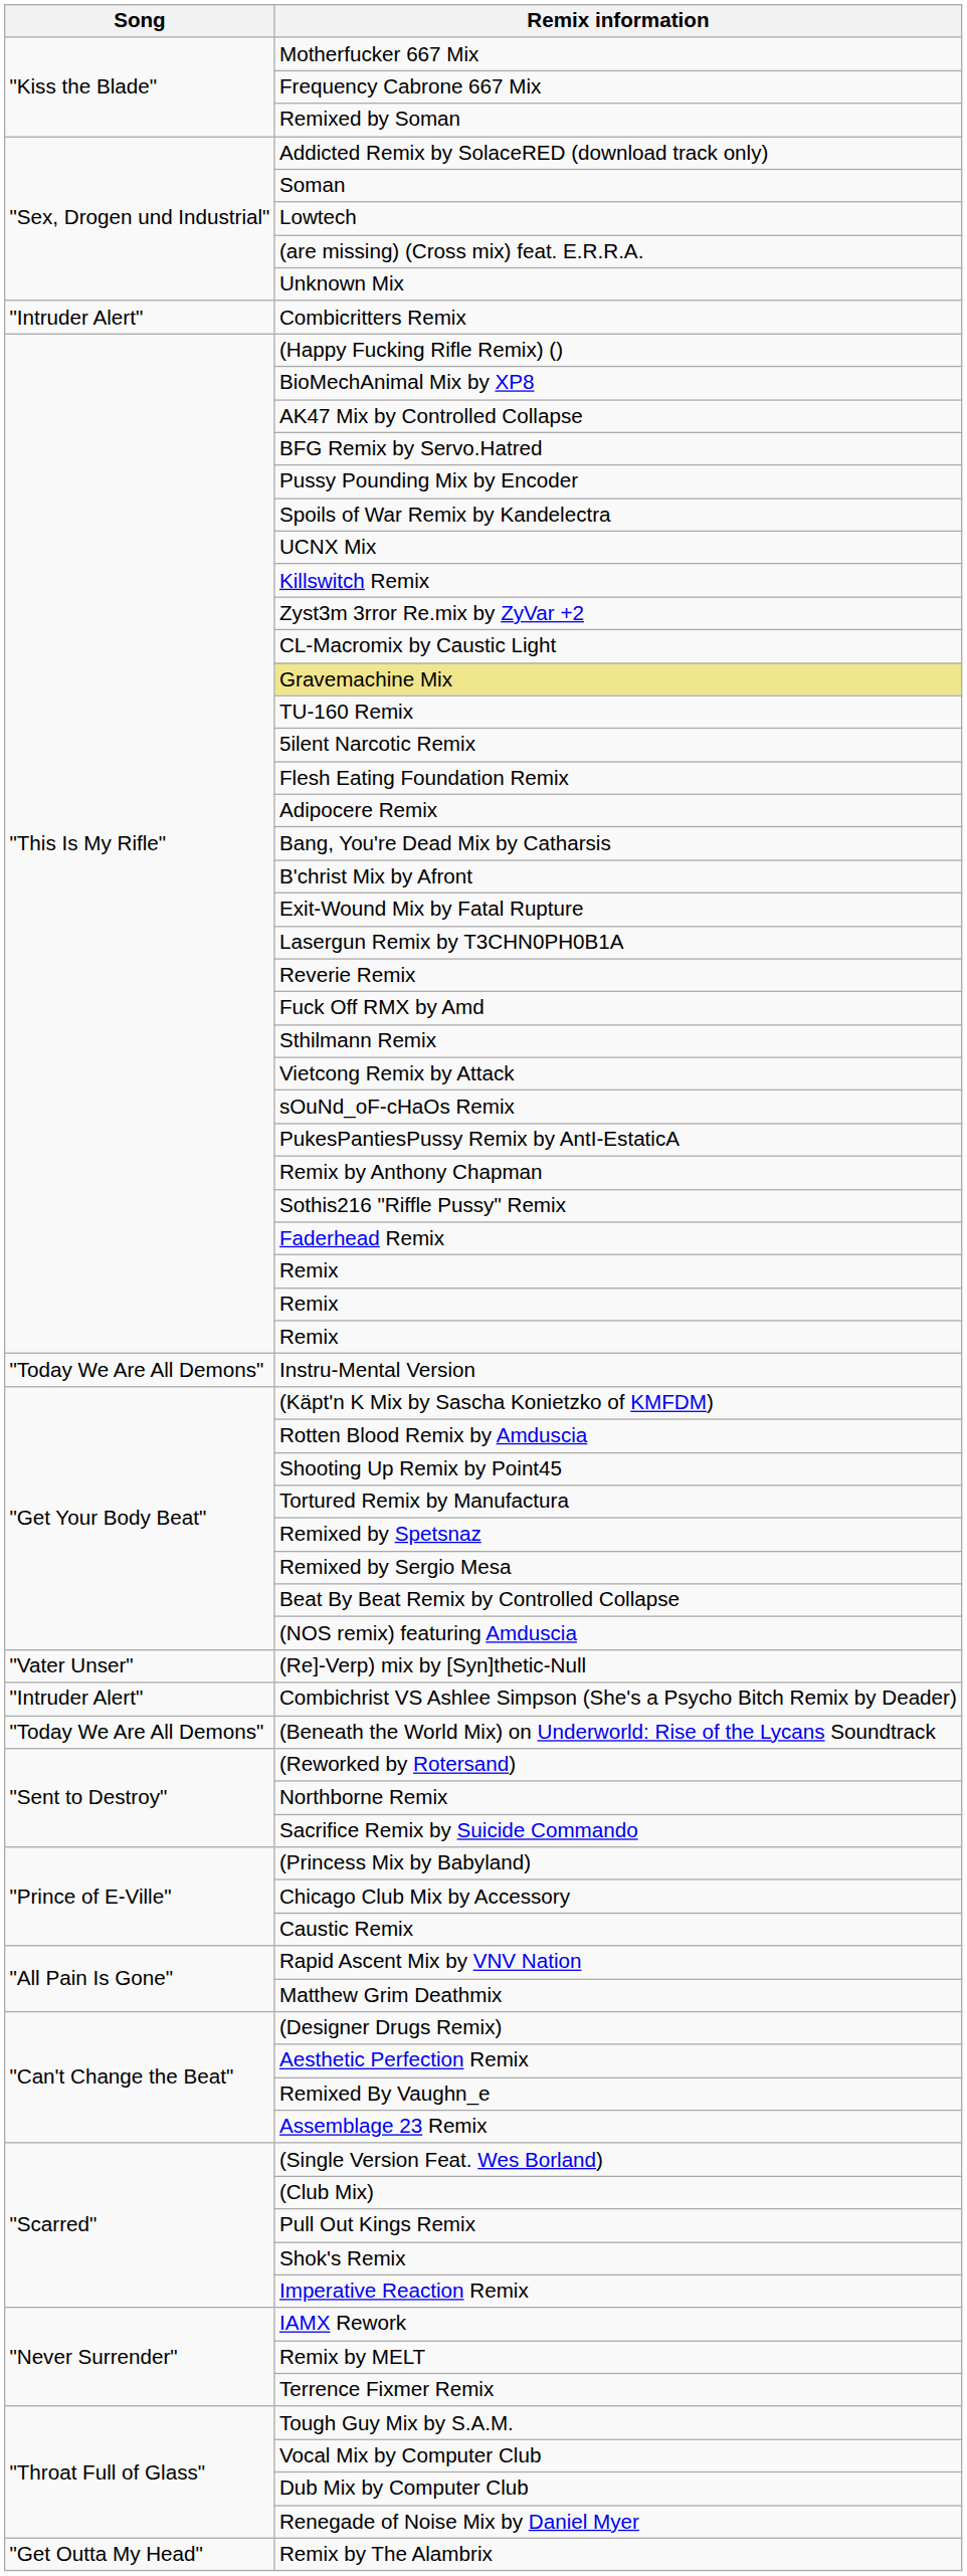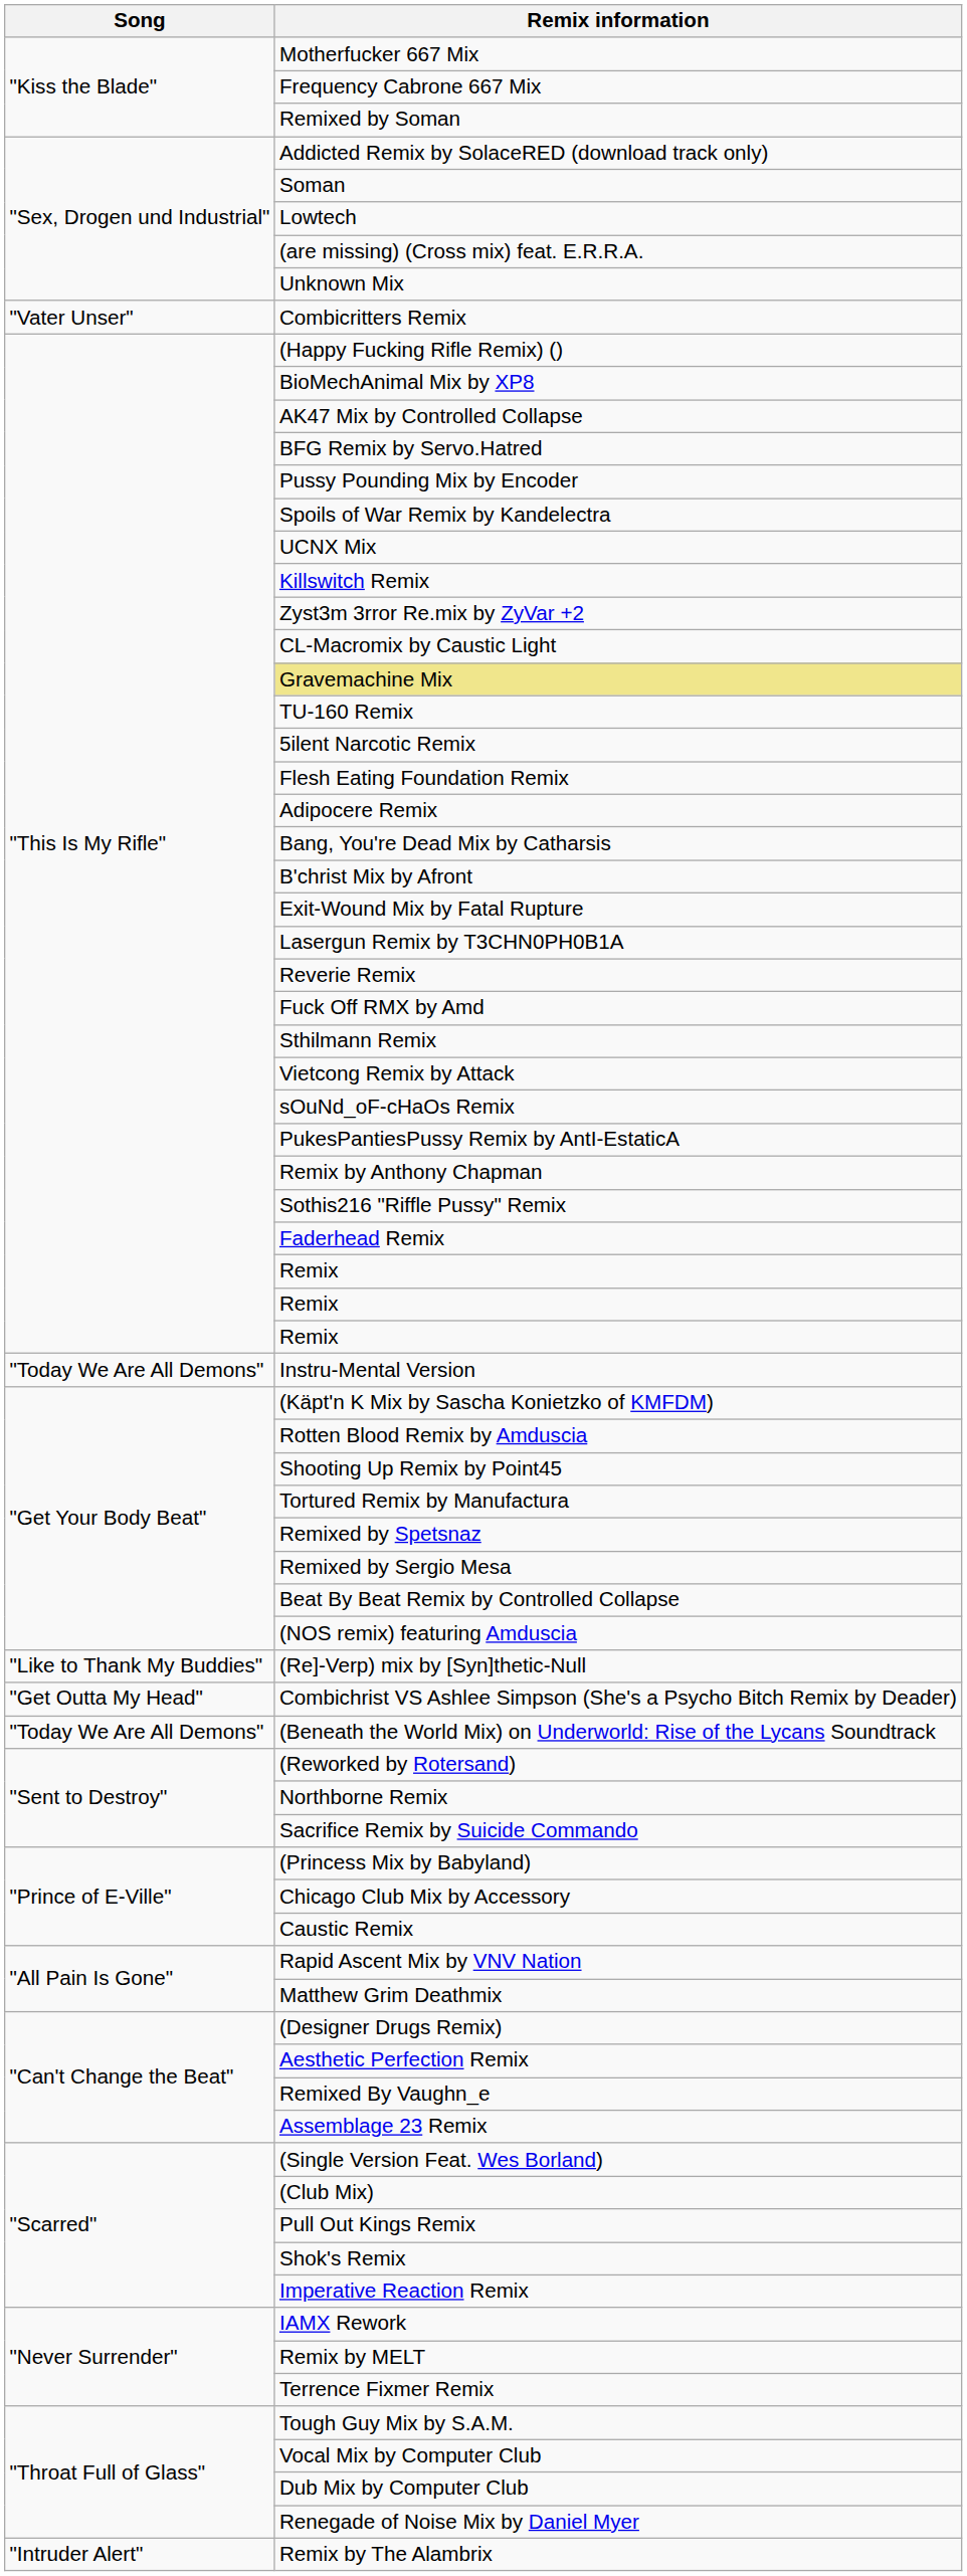 <table class="wikitable">
 <tr>
 <th>Song</th>
 <th>Remix information</th>
 </tr>
 <tr>
 <td rowspan="3">"Kiss the Blade"</td>
 <td>Motherfucker 667 Mix</td>
 </tr>
 <tr>
 <td>Frequency Cabrone 667 Mix</td>
 </tr>
 <tr>
 <td>Remixed by Soman</td>
 </tr>
 <tr>
 <td rowspan="5">"Sex, Drogen und Industrial"</td>
 <td>Addicted Remix by SolaceRED (download track only)</td>
 </tr>
 <tr>
 <td>Soman</td>
 </tr>
 <tr>
 <td>Lowtech</td>
 </tr>
 <tr>
 <td>(are missing) (Cross mix) feat. E.R.R.A.</td>
 </tr>
 <tr>
 <td>Unknown Mix</td>
 </tr>
 <tr>
-<td>"Intruder Alert"</td>
+<td>"Vater Unser"</td>
 <td>Combicritters Remix</td>
 </tr>
 <tr>
 <td rowspan="31">"This Is My Rifle"</td>
 <td>(Happy Fucking Rifle Remix) ()</td>
 </tr>
 <tr>
 <td>BioMechAnimal Mix by <a href='#'>XP8</a></td>
 </tr>
 <tr>
 <td>AK47 Mix by Controlled Collapse</td>
 </tr>
 <tr>
 <td>BFG Remix by Servo.Hatred</td>
 </tr>
 <tr>
 <td>Pussy Pounding Mix by Encoder</td>
 </tr>
 <tr>
 <td>Spoils of War Remix by Kandelectra</td>
 </tr>
 <tr>
 <td>UCNX Mix</td>
 </tr>
 <tr>
 <td><a href='#'>Killswitch</a> Remix</td>
 </tr>
 <tr>
 <td>Zyst3m 3rror Re.mix by <a href='#'>ZyVar +2</a></td>
 </tr>
 <tr>
 <td>CL-Macromix by Caustic Light</td>
 </tr>
 <tr>
 <td style="background: khaki;">Gravemachine Mix</td>
 </tr>
 <tr>
 <td>TU-160 Remix</td>
 </tr>
 <tr>
 <td>5ilent Narcotic Remix</td>
 </tr>
 <tr>
 <td>Flesh Eating Foundation Remix</td>
 </tr>
 <tr>
 <td>Adipocere Remix</td>
 </tr>
 <tr>
 <td>Bang, You're Dead Mix by Catharsis</td>
 </tr>
 <tr>
 <td>B'christ Mix by Afront</td>
 </tr>
 <tr>
 <td>Exit-Wound Mix by Fatal Rupture</td>
 </tr>
 <tr>
 <td>Lasergun Remix by T3CHN0PH0B1A</td>
 </tr>
 <tr>
 <td>Reverie Remix</td>
 </tr>
 <tr>
 <td>Fuck Off RMX by Amd</td>
 </tr>
 <tr>
 <td>Sthilmann Remix</td>
 </tr>
 <tr>
 <td>Vietcong Remix by Attack</td>
 </tr>
 <tr>
 <td>sOuNd_oF-cHaOs Remix</td>
 </tr>
 <tr>
 <td>PukesPantiesPussy Remix by AntI-EstaticA</td>
 </tr>
 <tr>
 <td>Remix by Anthony Chapman</td>
 </tr>
 <tr>
 <td>Sothis216 "Riffle Pussy" Remix</td>
 </tr>
 <tr>
 <td><a href='#'>Faderhead</a> Remix</td>
 </tr>
 <tr>
 <td> Remix</td>
 </tr>
 <tr>
 <td> Remix</td>
 </tr>
 <tr>
 <td> Remix</td>
 </tr>
 <tr>
 <td>"Today We Are All Demons"</td>
 <td>Instru-Mental Version</td>
 </tr>
 <tr>
 <td rowspan="8">"Get Your Body Beat"</td>
 <td>(Käpt'n K Mix by Sascha Konietzko of <a href='#'>KMFDM</a>)</td>
 </tr>
 <tr>
 <td>Rotten Blood Remix by <a href='#'>Amduscia</a></td>
 </tr>
 <tr>
 <td>Shooting Up Remix by Point45</td>
 </tr>
 <tr>
 <td>Tortured Remix by Manufactura</td>
 </tr>
 <tr>
 <td>Remixed by <a href='#'>Spetsnaz</a></td>
 </tr>
 <tr>
 <td>Remixed by Sergio Mesa</td>
 </tr>
 <tr>
 <td>Beat By Beat Remix by Controlled Collapse</td>
 </tr>
 <tr>
 <td>(NOS remix) featuring <a href='#'>Amduscia</a></td>
 </tr>
 <tr>
-<td>"Vater Unser"</td>
+<td>"Like to Thank My Buddies"</td>
 <td>(Re]-Verp) mix by [Syn]thetic-Null</td>
 </tr>
 <tr>
-<td>"Intruder Alert"</td>
+<td>"Get Outta My Head"</td>
 <td>Combichrist VS Ashlee Simpson (She's a Psycho Bitch Remix by Deader)</td>
 </tr>
 <tr>
 <td>"Today We Are All Demons"</td>
 <td>(Beneath the World Mix) on <a href='#'>Underworld: Rise of the Lycans</a> Soundtrack</td>
 </tr>
 <tr>
 <td rowspan="3">"Sent to Destroy"</td>
 <td>(Reworked by <a href='#'>Rotersand</a>)</td>
 </tr>
 <tr>
 <td>Northborne Remix</td>
 </tr>
 <tr>
 <td>Sacrifice Remix by <a href='#'>Suicide Commando</a></td>
 </tr>
 <tr>
 <td rowspan="3">"Prince of E-Ville"</td>
 <td>(Princess Mix by Babyland)</td>
 </tr>
 <tr>
 <td>Chicago Club Mix by Accessory</td>
 </tr>
 <tr>
 <td>Caustic Remix</td>
 </tr>
 <tr>
 <td rowspan="2">"All Pain Is Gone"</td>
 <td>Rapid Ascent Mix by <a href='#'>VNV Nation</a></td>
 </tr>
 <tr>
 <td>Matthew Grim Deathmix</td>
 </tr>
 <tr>
 <td rowspan="4">"Can't Change the Beat"</td>
 <td>(Designer Drugs Remix)</td>
 </tr>
 <tr>
 <td><a href='#'>Aesthetic Perfection</a> Remix</td>
 </tr>
 <tr>
 <td>Remixed By Vaughn_e</td>
 </tr>
 <tr>
 <td><a href='#'>Assemblage 23</a> Remix</td>
 </tr>
 <tr>
 <td rowspan="5">"Scarred"</td>
 <td>(Single Version Feat. <a href='#'>Wes Borland</a>)</td>
 </tr>
 <tr>
 <td>(Club Mix)</td>
 </tr>
 <tr>
 <td>Pull Out Kings Remix</td>
 </tr>
 <tr>
 <td>Shok's  Remix</td>
 </tr>
 <tr>
 <td><a href='#'>Imperative Reaction</a> Remix</td>
 </tr>
 <tr>
 <td rowspan="3">"Never Surrender"</td>
 <td><a href='#'>IAMX</a> Rework</td>
 </tr>
 <tr>
 <td>Remix by MELT</td>
 </tr>
 <tr>
 <td>Terrence Fixmer Remix</td>
 </tr>
 <tr>
 <td rowspan="4">"Throat Full of Glass"</td>
 <td>Tough Guy Mix by S.A.M.</td>
 </tr>
 <tr>
 <td>Vocal Mix by Computer Club</td>
 </tr>
 <tr>
 <td>Dub Mix by Computer Club</td>
 </tr>
 <tr>
 <td>Renegade of Noise Mix by <a href='#'>Daniel Myer</a></td>
 </tr>
 <tr>
-<td>"Get Outta My Head"</td>
+<td>"Intruder Alert"</td>
 <td>Remix by The Alambrix</td>
 </tr>
 </table>
